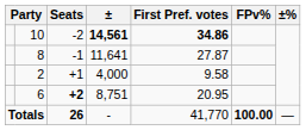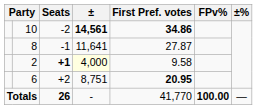 <table class=wikitable>
 <tr>
 <th colspan=2 align=center>Party</th>
 <th valign=top>Seats</th>
 <th valign=top>±</th>
 <th valign=top>First Pref. votes</th>
 <th valign=top>FPv%</th>
 <th valign=top>±%</th>
 </tr>
 <tr>
 <td></td>
 <td align=right>10</td>
 <td align=right>-2</td>
 <td align=right><strong>14,561</strong></td>
 <td align=right><strong>34.86</strong></td>
 <td align=right></td>
 </tr>
 <tr>
 <td></td>
 <td align=right>8</td>
 <td align=right>-1</td>
 <td align=right>11,641</td>
 <td align=right>27.87</td>
 <td align=right></td>
 </tr>
 <tr>
 <td></td>
 <td align=right>2</td>
-<td align=right>+1</td>
-<td align=right>4,000</td>
+<td align=right><strong>+1</strong></td>
+<td align=right style="background: lightyellow;">4,000</td>
 <td align=right>9.58</td>
 <td align=right></td>
 </tr>
 <tr>
 <td></td>
 <td align=right>6</td>
-<td align=right><strong>+2</strong></td>
+<td align=right>+2</td>
 <td align=right>8,751</td>
-<td align=right>20.95</td>
+<td align=right><strong>20.95</strong></td>
 <td align=right></td>
 </tr>
 <tr>
 <td colspan=2 align=center><strong>Totals</strong></td>
 <td align=right><strong>26</strong></td>
 <td align=center>-</td>
 <td align=right>41,770</td>
 <td align=center><strong>100.00</strong></td>
 <td align=center>—</td>
 </tr>
 </table>
